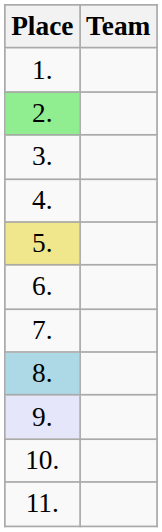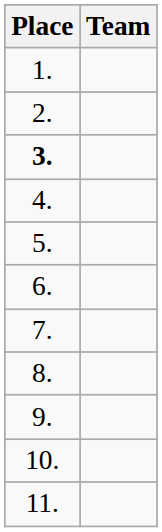 <table class="wikitable">
 <tr>
 <th>Place</th>
 <th>Team</th>
 </tr>
 <tr>
 <td align="center">1.</td>
 <td></td>
 </tr>
 <tr>
-<td align="center" style="background: lightgreen;">2.</td>
+<td align="center">2.</td>
 <td></td>
 </tr>
 <tr>
-<td align="center">3.</td>
+<td align="center"><strong>3.</strong></td>
 <td></td>
 </tr>
 <tr>
 <td align="center">4.</td>
 <td></td>
 </tr>
 <tr>
-<td align="center" style="background: khaki;">5.</td>
+<td align="center">5.</td>
 <td></td>
 </tr>
 <tr>
 <td align="center">6.</td>
 <td></td>
 </tr>
 <tr>
 <td align="center">7.</td>
 <td></td>
 </tr>
 <tr>
-<td align="center" style="background: lightblue;">8.</td>
+<td align="center">8.</td>
 <td></td>
 </tr>
 <tr>
-<td align="center" style="background: lavender;">9.</td>
+<td align="center">9.</td>
 <td></td>
 </tr>
 <tr>
 <td align="center">10.</td>
 <td></td>
 </tr>
 <tr>
 <td align="center">11.</td>
 <td></td>
 </tr>
 </table>
